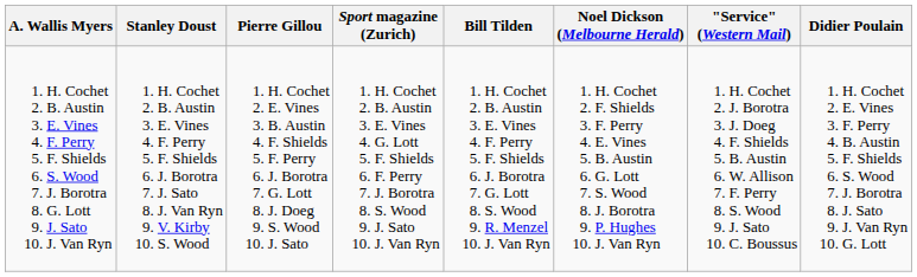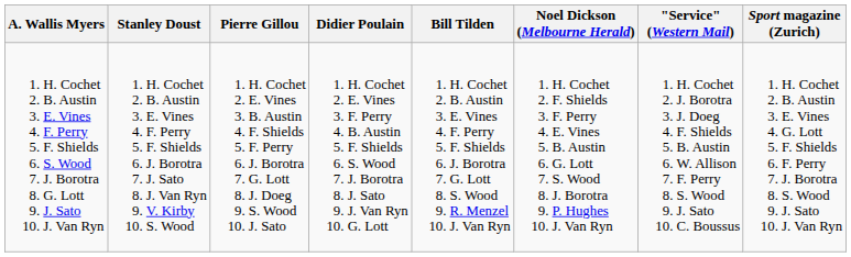 <table class="wikitable">
 <tr>
 <th>A. Wallis Myers</th>
 <th>Stanley Doust</th>
 <th>Pierre Gillou</th>
-<th><em>Sport</em> magazine<br>(Zurich)</th>
+<th>Didier Poulain<em></em></th>
 <th>Bill Tilden</th>
 <th>Noel Dickson<br>(<em><a href='#'>Melbourne Herald</a></em>)</th>
 <th>"Service"<br>(<em><a href='#'>Western Mail</a></em>)</th>
-<th>Didier Poulain<em></em></th>
+<th><em>Sport</em> magazine<br>(Zurich)</th>
 </tr>
 <tr style="vertical-align: top;">
 <td style="white-space: nowrap;"><br><ol><li> H. Cochet</li><li> B. Austin</li><li> <a href='#'>E. Vines</a></li><li> <a href='#'>F. Perry</a></li><li> F. Shields</li><li> <a href='#'>S. Wood</a></li><li> J. Borotra</li><li> G. Lott</li><li> <a href='#'>J. Sato</a></li><li> J. Van Ryn</li></ol></td>
 <td style="white-space: nowrap;"><br><ol><li> H. Cochet</li><li> B. Austin</li><li> E. Vines</li><li> F. Perry</li><li> F. Shields</li><li> J. Borotra</li><li> J. Sato</li><li> J. Van Ryn</li><li> <a href='#'>V. Kirby</a></li><li> S. Wood</li></ol></td>
 <td style="white-space: nowrap;"><br><ol><li> H. Cochet</li><li> E. Vines</li><li> B. Austin</li><li> F. Shields</li><li> F. Perry</li><li> J. Borotra</li><li> G. Lott</li><li> J. Doeg</li><li> S. Wood</li><li> J. Sato</li></ol></td>
-<td style="white-space: nowrap;"><br><ol><li> H. Cochet</li><li> B. Austin</li><li> E. Vines</li><li> G. Lott</li><li> F. Shields</li><li> F. Perry</li><li> J. Borotra</li><li> S. Wood</li><li> J. Sato</li><li> J. Van Ryn</li></ol></td>
+<td style="white-space: nowrap;"><br><ol><li> H. Cochet</li><li> E. Vines</li><li> F. Perry</li><li> B. Austin</li><li> F. Shields</li><li> S. Wood</li><li> J. Borotra</li><li> J. Sato</li><li> J. Van Ryn</li><li> G. Lott</li></ol></td>
 <td style="white-space: nowrap;"><br><ol><li> H. Cochet</li><li> B. Austin</li><li> E. Vines</li><li> F. Perry</li><li> F. Shields</li><li> J. Borotra</li><li> G. Lott</li><li> S. Wood</li><li> <a href='#'>R. Menzel</a></li><li> J. Van Ryn</li></ol></td>
 <td style="white-space: nowrap;"><br><ol><li> H. Cochet</li><li> F. Shields</li><li> F. Perry</li><li> E. Vines</li><li> B. Austin</li><li> G. Lott</li><li> S. Wood</li><li> J. Borotra</li><li> <a href='#'>P. Hughes</a></li><li> J. Van Ryn</li></ol></td>
 <td style="white-space: nowrap;"><br><ol><li> H. Cochet</li><li> J. Borotra</li><li> J. Doeg</li><li> F. Shields</li><li> B. Austin</li><li> W. Allison</li><li> F. Perry</li><li> S. Wood</li><li> J. Sato</li><li> C. Boussus</li></ol></td>
-<td style="white-space: nowrap;"><br><ol><li> H. Cochet</li><li> E. Vines</li><li> F. Perry</li><li> B. Austin</li><li> F. Shields</li><li> S. Wood</li><li> J. Borotra</li><li> J. Sato</li><li> J. Van Ryn</li><li> G. Lott</li></ol></td>
+<td style="white-space: nowrap;"><br><ol><li> H. Cochet</li><li> B. Austin</li><li> E. Vines</li><li> G. Lott</li><li> F. Shields</li><li> F. Perry</li><li> J. Borotra</li><li> S. Wood</li><li> J. Sato</li><li> J. Van Ryn</li></ol></td>
 </tr>
 </table>
